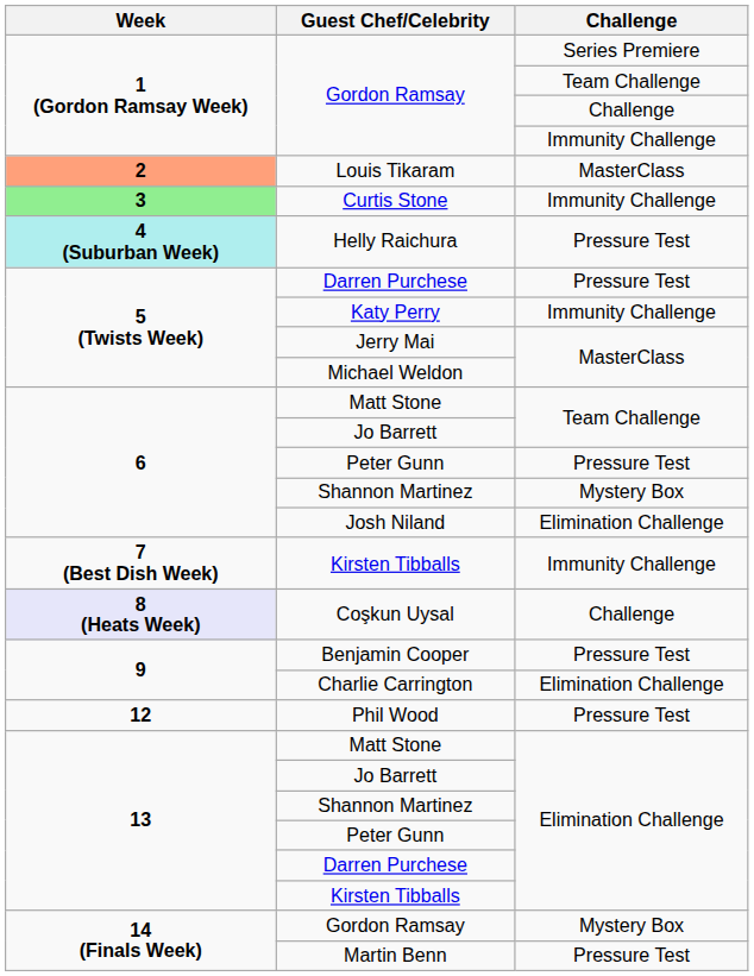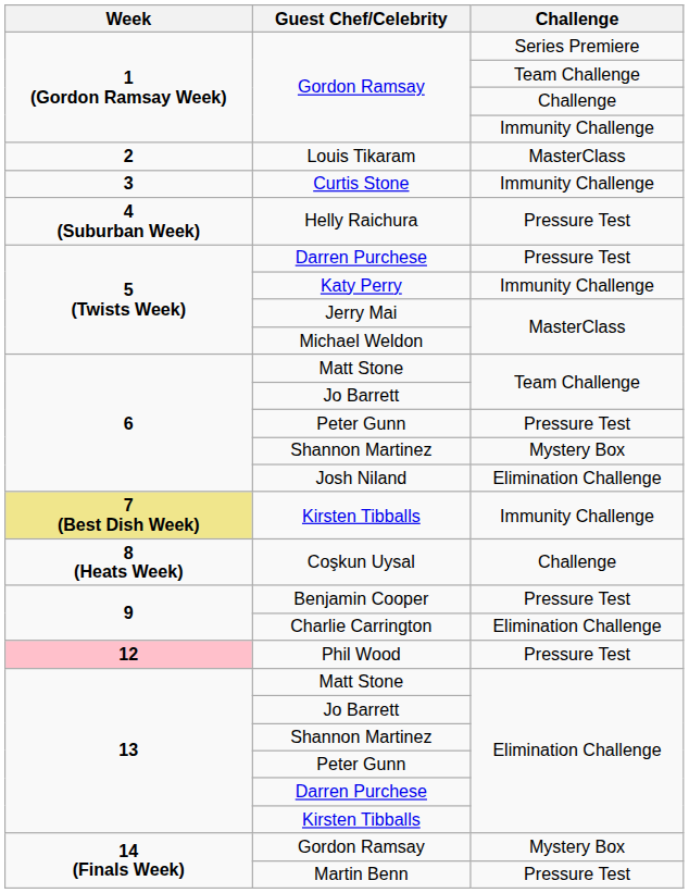 <table class="wikitable" style="text-align:center; width:85%; font-size:85%; line-height:15px">
 <tr>
 <th>Week</th>
 <th>Guest Chef/Celebrity</th>
 <th>Challenge</th>
 </tr>
 <tr>
 <td rowspan="4"><strong>1<br>(Gordon Ramsay Week)</strong></td>
 <td rowspan="4"><a href='#'>Gordon Ramsay</a></td>
 <td>Series Premiere</td>
 </tr>
 <tr>
 <td>Team Challenge</td>
 </tr>
 <tr>
 <td>Challenge</td>
 </tr>
 <tr>
 <td>Immunity Challenge</td>
 </tr>
 <tr>
-<td style="background: lightsalmon;"><strong>2</strong></td>
+<td><strong>2</strong></td>
 <td>Louis Tikaram</td>
 <td>MasterClass</td>
 </tr>
 <tr>
-<td style="background: lightgreen;"><strong>3</strong></td>
+<td><strong>3</strong></td>
 <td><a href='#'>Curtis Stone</a></td>
 <td>Immunity Challenge</td>
 </tr>
 <tr>
-<td style="background: paleturquoise;"><strong>4<br>(Suburban Week)</strong></td>
+<td><strong>4<br>(Suburban Week)</strong></td>
 <td>Helly Raichura</td>
 <td>Pressure Test</td>
 </tr>
 <tr>
 <td rowspan="4"><strong>5<br>(Twists Week)</strong></td>
 <td><a href='#'>Darren Purchese</a></td>
 <td>Pressure Test</td>
 </tr>
 <tr>
 <td><a href='#'>Katy Perry</a></td>
 <td>Immunity Challenge</td>
 </tr>
 <tr>
 <td>Jerry Mai</td>
 <td rowspan="2">MasterClass</td>
 </tr>
 <tr>
 <td>Michael Weldon</td>
 </tr>
 <tr>
 <td rowspan="5"><strong>6</strong></td>
 <td>Matt Stone</td>
 <td rowspan="2">Team Challenge</td>
 </tr>
 <tr>
 <td>Jo Barrett</td>
 </tr>
 <tr>
 <td>Peter Gunn</td>
 <td>Pressure Test</td>
 </tr>
 <tr>
 <td>Shannon Martinez</td>
 <td>Mystery Box</td>
 </tr>
 <tr>
 <td>Josh Niland</td>
 <td>Elimination Challenge</td>
 </tr>
 <tr>
-<td><strong>7<br>(Best Dish Week)</strong></td>
+<td style="background: khaki;"><strong>7<br>(Best Dish Week)</strong></td>
 <td><a href='#'>Kirsten Tibballs</a></td>
 <td>Immunity Challenge</td>
 </tr>
 <tr>
-<td style="background: lavender;"><strong>8<br>(Heats Week)</strong></td>
+<td><strong>8<br>(Heats Week)</strong></td>
 <td>Coşkun Uysal</td>
 <td>Challenge</td>
 </tr>
 <tr>
 <td rowspan="2"><strong>9</strong></td>
 <td>Benjamin Cooper</td>
 <td>Pressure Test</td>
 </tr>
 <tr>
 <td>Charlie Carrington</td>
 <td>Elimination Challenge</td>
 </tr>
 <tr>
-<td><strong>12</strong></td>
+<td style="background: pink;"><strong>12</strong></td>
 <td>Phil Wood</td>
 <td>Pressure Test</td>
 </tr>
 <tr>
 <td rowspan="6"><strong>13</strong></td>
 <td>Matt Stone</td>
 <td rowspan="6">Elimination Challenge</td>
 </tr>
 <tr>
 <td>Jo Barrett</td>
 </tr>
 <tr>
 <td>Shannon Martinez</td>
 </tr>
 <tr>
 <td>Peter Gunn</td>
 </tr>
 <tr>
 <td><a href='#'>Darren Purchese</a></td>
 </tr>
 <tr>
 <td><a href='#'>Kirsten Tibballs</a></td>
 </tr>
 <tr>
 <td rowspan="5"><strong>14</strong><br><strong>(Finals Week)</strong></td>
 <td>Gordon Ramsay</td>
 <td>Mystery Box</td>
 </tr>
 <tr>
 <td>Martin Benn</td>
 <td>Pressure Test</td>
 </tr>
 </table>
